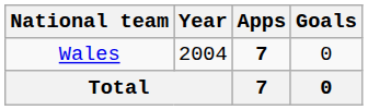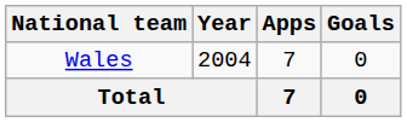 <table class="wikitable" style="text-align:center">
 <tr>
 <th>National team</th>
 <th>Year</th>
 <th>Apps</th>
 <th>Goals</th>
 </tr>
 <tr>
 <td><a href='#'>Wales</a></td>
 <td>2004</td>
-<td><strong>7</strong></td>
+<td>7</td>
 <td>0</td>
 </tr>
 <tr>
 <th colspan="2">Total</th>
 <th>7</th>
 <th>0</th>
 </tr>
 </table>
